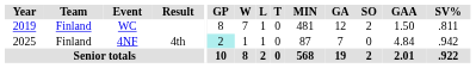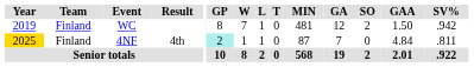 <table border="0" cellpadding="1" cellspacing="0" ID="Table3" style="text-align:center; width:40em;">
 <tr bgcolor="#e0e0e0">
 <th>Year</th>
 <th>Team</th>
 <th>Event</th>
 <th>Result</th>
 <th rowspan="99" bgcolor="#ffffff"></th>
 <th>GP</th>
 <th>W</th>
 <th>L</th>
 <th>T</th>
 <th>MIN</th>
 <th>GA</th>
 <th>SO</th>
 <th>GAA</th>
 <th>SV%</th>
 </tr>
 <tr>
 <td><a href='#'>2019</a></td>
 <td><a href='#'>Finland</a></td>
 <td><a href='#'>WC</a></td>
 <td></td>
 <td>8</td>
 <td>7</td>
 <td>1</td>
 <td>0</td>
 <td>481</td>
 <td>12</td>
 <td>2</td>
 <td>1.50</td>
-<td>.811</td>
+<td>.942</td>
 </tr>
 <tr>
-<td>2025</td>
+<td style="background: gold;">2025</td>
 <td>Finland</td>
 <td><a href='#'>4NF</a></td>
 <td>4th</td>
 <td style="background: paleturquoise;">2</td>
 <td>1</td>
 <td>1</td>
 <td>0</td>
 <td>87</td>
 <td>7</td>
 <td>0</td>
 <td>4.84</td>
-<td>.942</td>
+<td>.811</td>
 </tr>
 <tr bgcolor="#e0e0e0">
 <th colspan="4">Senior totals</th>
 <th>10</th>
 <th>8</th>
 <th>2</th>
 <th>0</th>
 <th>568</th>
 <th>19</th>
 <th>2</th>
 <th>2.01</th>
 <th>.922</th>
 </tr>
 </table>
